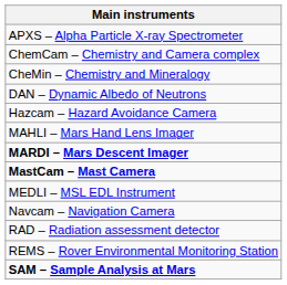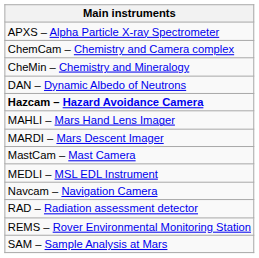 <table class="sortable wikitable"  style="float:right; font-family:arial; font-size:11px;">
 <tr>
 <th>Main instruments</th>
 </tr>
 <tr>
 <td>APXS – <a href='#'>Alpha Particle X-ray Spectrometer</a></td>
 </tr>
 <tr>
 <td>ChemCam – <a href='#'>Chemistry and Camera complex</a></td>
 </tr>
 <tr>
 <td>CheMin – <a href='#'>Chemistry and Mineralogy</a></td>
 </tr>
 <tr>
 <td>DAN – <a href='#'>Dynamic Albedo of Neutrons</a></td>
 </tr>
 <tr>
-<td>Hazcam – <a href='#'>Hazard Avoidance Camera</a></td>
+<td><strong>Hazcam – <a href='#'>Hazard Avoidance Camera</a></strong></td>
 </tr>
 <tr>
 <td>MAHLI – <a href='#'>Mars Hand Lens Imager</a></td>
 </tr>
 <tr>
-<td><strong>MARDI – <a href='#'>Mars Descent Imager</a></strong></td>
+<td>MARDI – <a href='#'>Mars Descent Imager</a></td>
 </tr>
 <tr>
-<td><strong>MastCam – <a href='#'>Mast Camera</a></strong></td>
+<td>MastCam – <a href='#'>Mast Camera</a></td>
 </tr>
 <tr>
 <td>MEDLI – <a href='#'>MSL EDL Instrument</a></td>
 </tr>
 <tr>
 <td>Navcam – <a href='#'>Navigation Camera</a></td>
 </tr>
 <tr>
 <td>RAD – <a href='#'>Radiation assessment detector</a></td>
 </tr>
 <tr>
 <td>REMS – <a href='#'>Rover Environmental Monitoring Station</a></td>
 </tr>
 <tr>
-<td><strong>SAM – <a href='#'>Sample Analysis at Mars</a></strong></td>
+<td>SAM – <a href='#'>Sample Analysis at Mars</a></td>
 </tr>
 </table>
